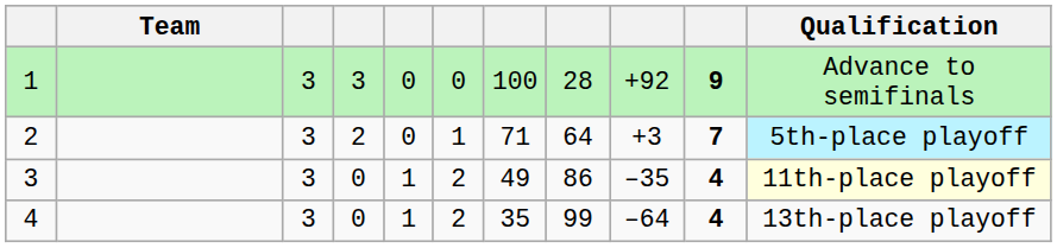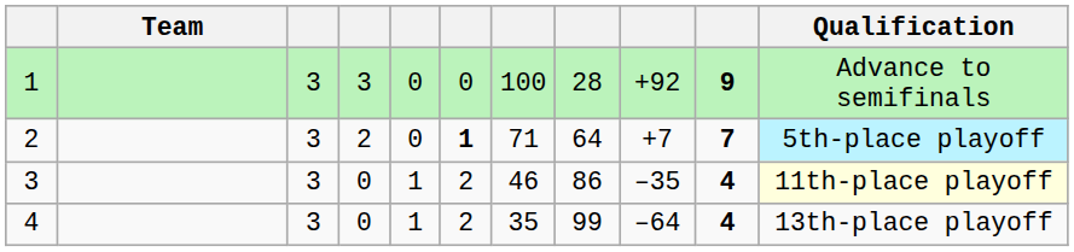 <table class="wikitable" style="text-align:center;">
 <tr>
 <th style="width:1.5em;"></th>
 <th style="width:8.5em;">Team</th>
 <th style="width:1.5em;"></th>
 <th style="width:1.5em;"></th>
 <th style="width:1.5em;"></th>
 <th style="width:1.5em;"></th>
 <th style="width:2.0em;"></th>
 <th style="width:2.0em;"></th>
 <th style="width:2.5em;"></th>
 <th style="width:2.0em;"></th>
 <th style="width:11.5em;">Qualification</th>
 </tr>
 <tr style="background:#BBF3BB;">
 <td>1</td>
 <td align="left"></td>
 <td>3</td>
 <td>3</td>
 <td>0</td>
 <td>0</td>
 <td>100</td>
 <td>28</td>
 <td>+92</td>
 <td><strong>9</strong></td>
 <td>Advance to semifinals</td>
 </tr>
 <tr>
 <td>2</td>
 <td align="left"></td>
 <td>3</td>
 <td>2</td>
 <td>0</td>
-<td>1</td>
+<td><strong>1</strong></td>
 <td>71</td>
 <td>64</td>
-<td>+3</td>
+<td>+7</td>
 <td><strong>7</strong></td>
 <td style="background:#BBF3FF;">5th-place playoff</td>
 </tr>
 <tr>
 <td>3</td>
 <td align="left"></td>
 <td>3</td>
 <td>0</td>
 <td>1</td>
 <td>2</td>
-<td>49</td>
+<td>46</td>
 <td>86</td>
 <td>–35</td>
 <td><strong>4</strong></td>
 <td style="background:#FFFFDD;">11th-place playoff</td>
 </tr>
 <tr>
 <td>4</td>
 <td align="left"></td>
 <td>3</td>
 <td>0</td>
 <td>1</td>
 <td>2</td>
 <td>35</td>
 <td>99</td>
 <td>–64</td>
 <td><strong>4</strong></td>
 <td>13th-place playoff</td>
 </tr>
 </table>
